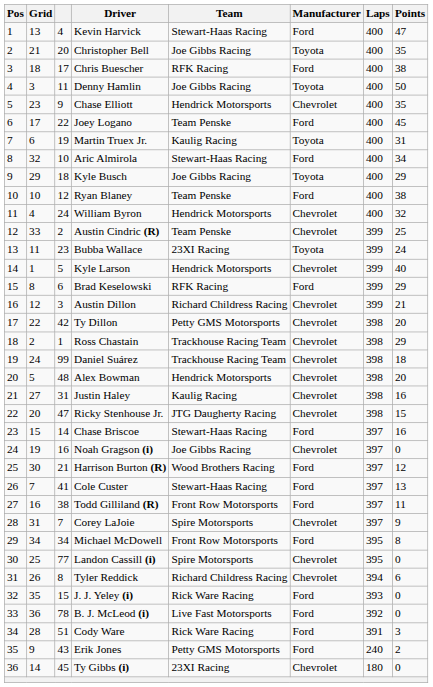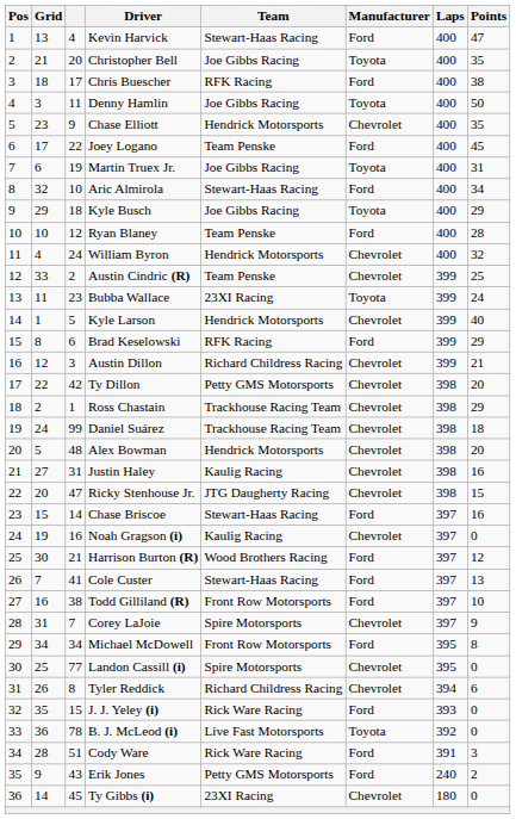 <table class="wikitable" style="font-size:98%">
 <tr>
 <th>Pos</th>
 <th>Grid</th>
 <th></th>
 <th>Driver</th>
 <th>Team</th>
 <th>Manufacturer</th>
 <th>Laps</th>
 <th>Points</th>
 </tr>
 <tr>
 <td>1</td>
 <td>13</td>
 <td>4</td>
 <td>Kevin Harvick</td>
 <td>Stewart-Haas Racing</td>
 <td>Ford</td>
 <td>400</td>
 <td>47</td>
 </tr>
 <tr>
 <td>2</td>
 <td>21</td>
 <td>20</td>
 <td>Christopher Bell</td>
 <td>Joe Gibbs Racing</td>
 <td>Toyota</td>
 <td>400</td>
 <td>35</td>
 </tr>
 <tr>
 <td>3</td>
 <td>18</td>
 <td>17</td>
 <td>Chris Buescher</td>
 <td>RFK Racing</td>
 <td>Ford</td>
 <td>400</td>
 <td>38</td>
 </tr>
 <tr>
 <td>4</td>
 <td>3</td>
 <td>11</td>
 <td>Denny Hamlin</td>
 <td>Joe Gibbs Racing</td>
 <td>Toyota</td>
 <td>400</td>
 <td>50</td>
 </tr>
 <tr>
 <td>5</td>
 <td>23</td>
 <td>9</td>
 <td>Chase Elliott</td>
 <td>Hendrick Motorsports</td>
 <td>Chevrolet</td>
 <td>400</td>
 <td>35</td>
 </tr>
 <tr>
 <td>6</td>
 <td>17</td>
 <td>22</td>
 <td>Joey Logano</td>
 <td>Team Penske</td>
 <td>Ford</td>
 <td>400</td>
 <td>45</td>
 </tr>
 <tr>
 <td>7</td>
 <td>6</td>
 <td>19</td>
 <td>Martin Truex Jr.</td>
-<td>Kaulig Racing</td>
+<td>Joe Gibbs Racing</td>
 <td>Toyota</td>
 <td>400</td>
 <td>31</td>
 </tr>
 <tr>
 <td>8</td>
 <td>32</td>
 <td>10</td>
 <td>Aric Almirola</td>
 <td>Stewart-Haas Racing</td>
 <td>Ford</td>
 <td>400</td>
 <td>34</td>
 </tr>
 <tr>
 <td>9</td>
 <td>29</td>
 <td>18</td>
 <td>Kyle Busch</td>
 <td>Joe Gibbs Racing</td>
 <td>Toyota</td>
 <td>400</td>
 <td>29</td>
 </tr>
 <tr>
 <td>10</td>
 <td>10</td>
 <td>12</td>
 <td>Ryan Blaney</td>
 <td>Team Penske</td>
 <td>Ford</td>
 <td>400</td>
-<td>38</td>
+<td>28</td>
 </tr>
 <tr>
 <td>11</td>
 <td>4</td>
 <td>24</td>
 <td>William Byron</td>
 <td>Hendrick Motorsports</td>
 <td>Chevrolet</td>
 <td>400</td>
 <td>32</td>
 </tr>
 <tr>
 <td>12</td>
 <td>33</td>
 <td>2</td>
 <td>Austin Cindric <strong>(R)</strong></td>
 <td>Team Penske</td>
 <td>Chevrolet</td>
 <td>399</td>
 <td>25</td>
 </tr>
 <tr>
 <td>13</td>
 <td>11</td>
 <td>23</td>
 <td>Bubba Wallace</td>
 <td>23XI Racing</td>
 <td>Toyota</td>
 <td>399</td>
 <td>24</td>
 </tr>
 <tr>
 <td>14</td>
 <td>1</td>
 <td>5</td>
 <td>Kyle Larson</td>
 <td>Hendrick Motorsports</td>
 <td>Chevrolet</td>
 <td>399</td>
 <td>40</td>
 </tr>
 <tr>
 <td>15</td>
 <td>8</td>
 <td>6</td>
 <td>Brad Keselowski</td>
 <td>RFK Racing</td>
 <td>Ford</td>
 <td>399</td>
 <td>29</td>
 </tr>
 <tr>
 <td>16</td>
 <td>12</td>
 <td>3</td>
 <td>Austin Dillon</td>
 <td>Richard Childress Racing</td>
 <td>Chevrolet</td>
 <td>399</td>
 <td>21</td>
 </tr>
 <tr>
 <td>17</td>
 <td>22</td>
 <td>42</td>
 <td>Ty Dillon</td>
 <td>Petty GMS Motorsports</td>
 <td>Chevrolet</td>
 <td>398</td>
 <td>20</td>
 </tr>
 <tr>
 <td>18</td>
 <td>2</td>
 <td>1</td>
 <td>Ross Chastain</td>
 <td>Trackhouse Racing Team</td>
 <td>Chevrolet</td>
 <td>398</td>
 <td>29</td>
 </tr>
 <tr>
 <td>19</td>
 <td>24</td>
 <td>99</td>
 <td>Daniel Suárez</td>
 <td>Trackhouse Racing Team</td>
 <td>Chevrolet</td>
 <td>398</td>
 <td>18</td>
 </tr>
 <tr>
 <td>20</td>
 <td>5</td>
 <td>48</td>
 <td>Alex Bowman</td>
 <td>Hendrick Motorsports</td>
 <td>Chevrolet</td>
 <td>398</td>
 <td>20</td>
 </tr>
 <tr>
 <td>21</td>
 <td>27</td>
 <td>31</td>
 <td>Justin Haley</td>
 <td>Kaulig Racing</td>
 <td>Chevrolet</td>
 <td>398</td>
 <td>16</td>
 </tr>
 <tr>
 <td>22</td>
 <td>20</td>
 <td>47</td>
 <td>Ricky Stenhouse Jr.</td>
 <td>JTG Daugherty Racing</td>
 <td>Chevrolet</td>
 <td>398</td>
 <td>15</td>
 </tr>
 <tr>
 <td>23</td>
 <td>15</td>
 <td>14</td>
 <td>Chase Briscoe</td>
 <td>Stewart-Haas Racing</td>
 <td>Ford</td>
 <td>397</td>
 <td>16</td>
 </tr>
 <tr>
 <td>24</td>
 <td>19</td>
 <td>16</td>
 <td>Noah Gragson <strong>(i)</strong></td>
-<td>Joe Gibbs Racing</td>
+<td>Kaulig Racing</td>
 <td>Chevrolet</td>
 <td>397</td>
 <td>0</td>
 </tr>
 <tr>
 <td>25</td>
 <td>30</td>
 <td>21</td>
 <td>Harrison Burton <strong>(R)</strong></td>
 <td>Wood Brothers Racing</td>
 <td>Ford</td>
 <td>397</td>
 <td>12</td>
 </tr>
 <tr>
 <td>26</td>
 <td>7</td>
 <td>41</td>
 <td>Cole Custer</td>
 <td>Stewart-Haas Racing</td>
 <td>Ford</td>
 <td>397</td>
 <td>13</td>
 </tr>
 <tr>
 <td>27</td>
 <td>16</td>
 <td>38</td>
 <td>Todd Gilliland <strong>(R)</strong></td>
 <td>Front Row Motorsports</td>
 <td>Ford</td>
 <td>397</td>
-<td>11</td>
+<td>10</td>
 </tr>
 <tr>
 <td>28</td>
 <td>31</td>
 <td>7</td>
 <td>Corey LaJoie</td>
 <td>Spire Motorsports</td>
 <td>Chevrolet</td>
 <td>397</td>
 <td>9</td>
 </tr>
 <tr>
 <td>29</td>
 <td>34</td>
 <td>34</td>
 <td>Michael McDowell</td>
 <td>Front Row Motorsports</td>
 <td>Ford</td>
 <td>395</td>
 <td>8</td>
 </tr>
 <tr>
 <td>30</td>
 <td>25</td>
 <td>77</td>
 <td>Landon Cassill <strong>(i)</strong></td>
 <td>Spire Motorsports</td>
 <td>Chevrolet</td>
 <td>395</td>
 <td>0</td>
 </tr>
 <tr>
 <td>31</td>
 <td>26</td>
 <td>8</td>
 <td>Tyler Reddick</td>
 <td>Richard Childress Racing</td>
 <td>Chevrolet</td>
 <td>394</td>
 <td>6</td>
 </tr>
 <tr>
 <td>32</td>
 <td>35</td>
 <td>15</td>
 <td>J. J. Yeley <strong>(i)</strong></td>
 <td>Rick Ware Racing</td>
 <td>Ford</td>
 <td>393</td>
 <td>0</td>
 </tr>
 <tr>
 <td>33</td>
 <td>36</td>
 <td>78</td>
 <td>B. J. McLeod <strong>(i)</strong></td>
 <td>Live Fast Motorsports</td>
-<td>Ford</td>
+<td>Toyota</td>
 <td>392</td>
 <td>0</td>
 </tr>
 <tr>
 <td>34</td>
 <td>28</td>
 <td>51</td>
 <td>Cody Ware</td>
 <td>Rick Ware Racing</td>
 <td>Ford</td>
 <td>391</td>
 <td>3</td>
 </tr>
 <tr>
 <td>35</td>
 <td>9</td>
 <td>43</td>
 <td>Erik Jones</td>
 <td>Petty GMS Motorsports</td>
 <td>Ford</td>
 <td>240</td>
 <td>2</td>
 </tr>
 <tr>
 <td>36</td>
 <td>14</td>
 <td>45</td>
 <td>Ty Gibbs <strong>(i)</strong></td>
 <td>23XI Racing</td>
 <td>Chevrolet</td>
 <td>180</td>
 <td>0</td>
 </tr>
 <tr>
 <th colspan="8"></th>
 </tr>
 </table>
